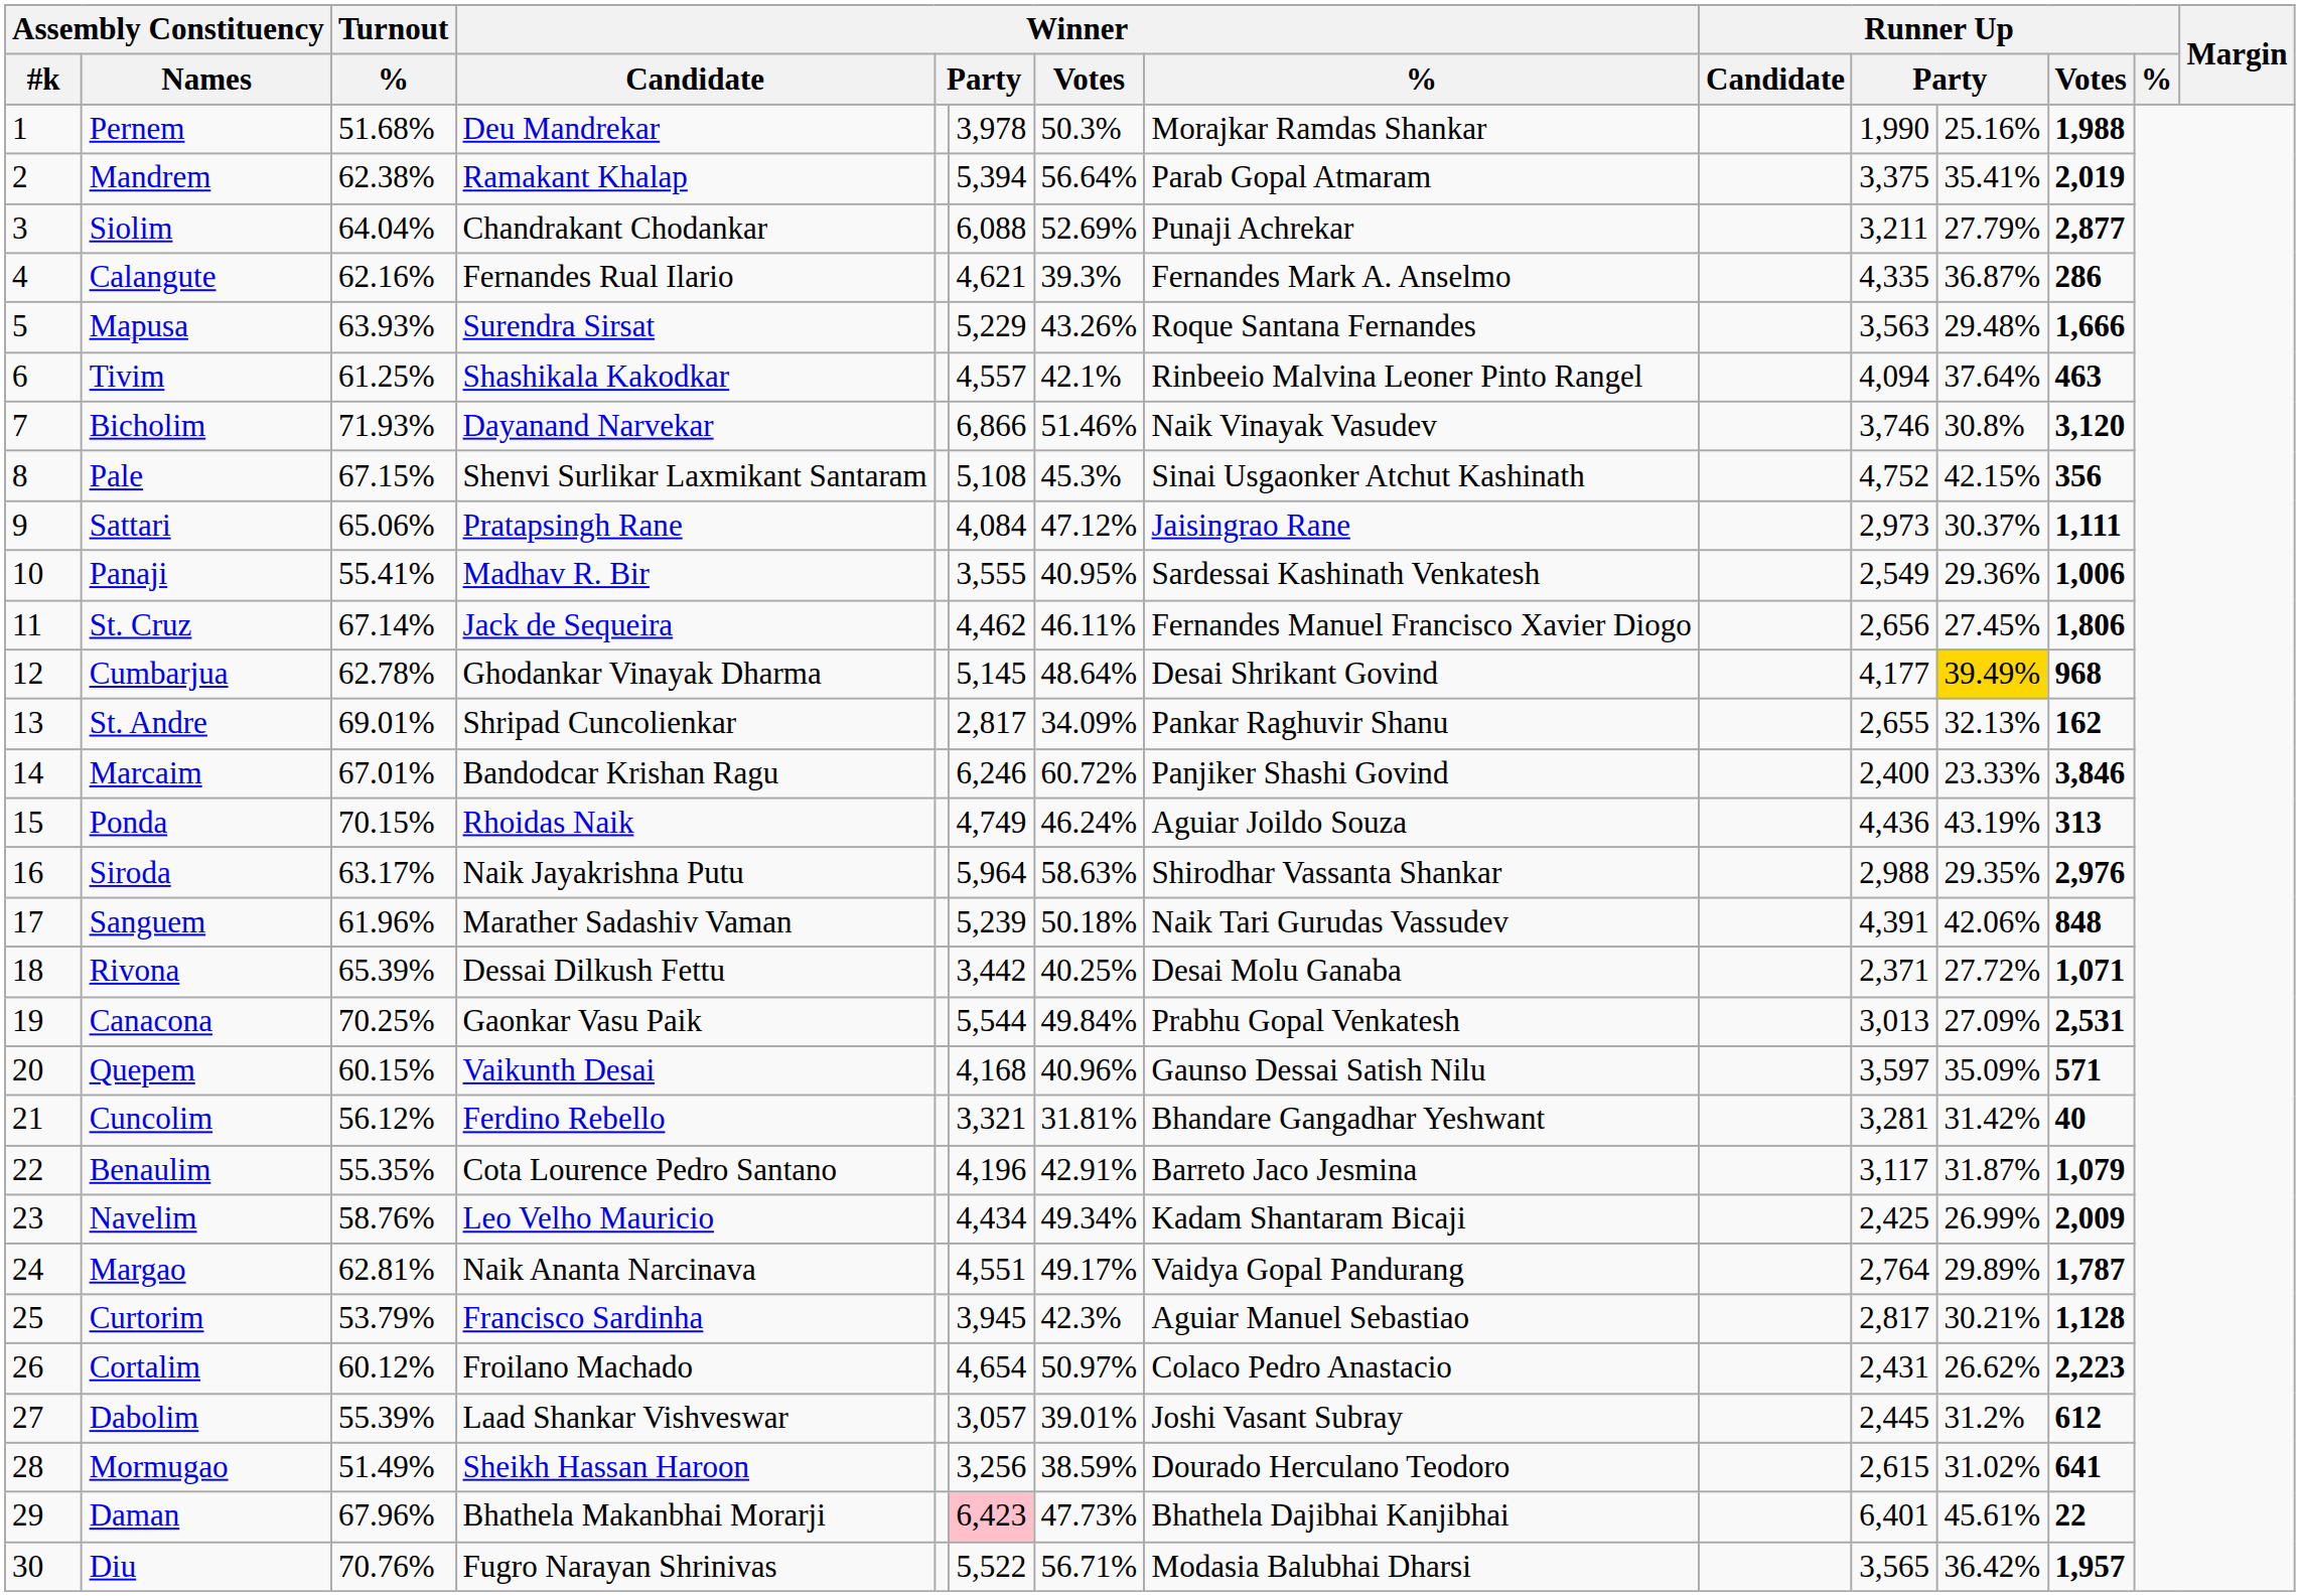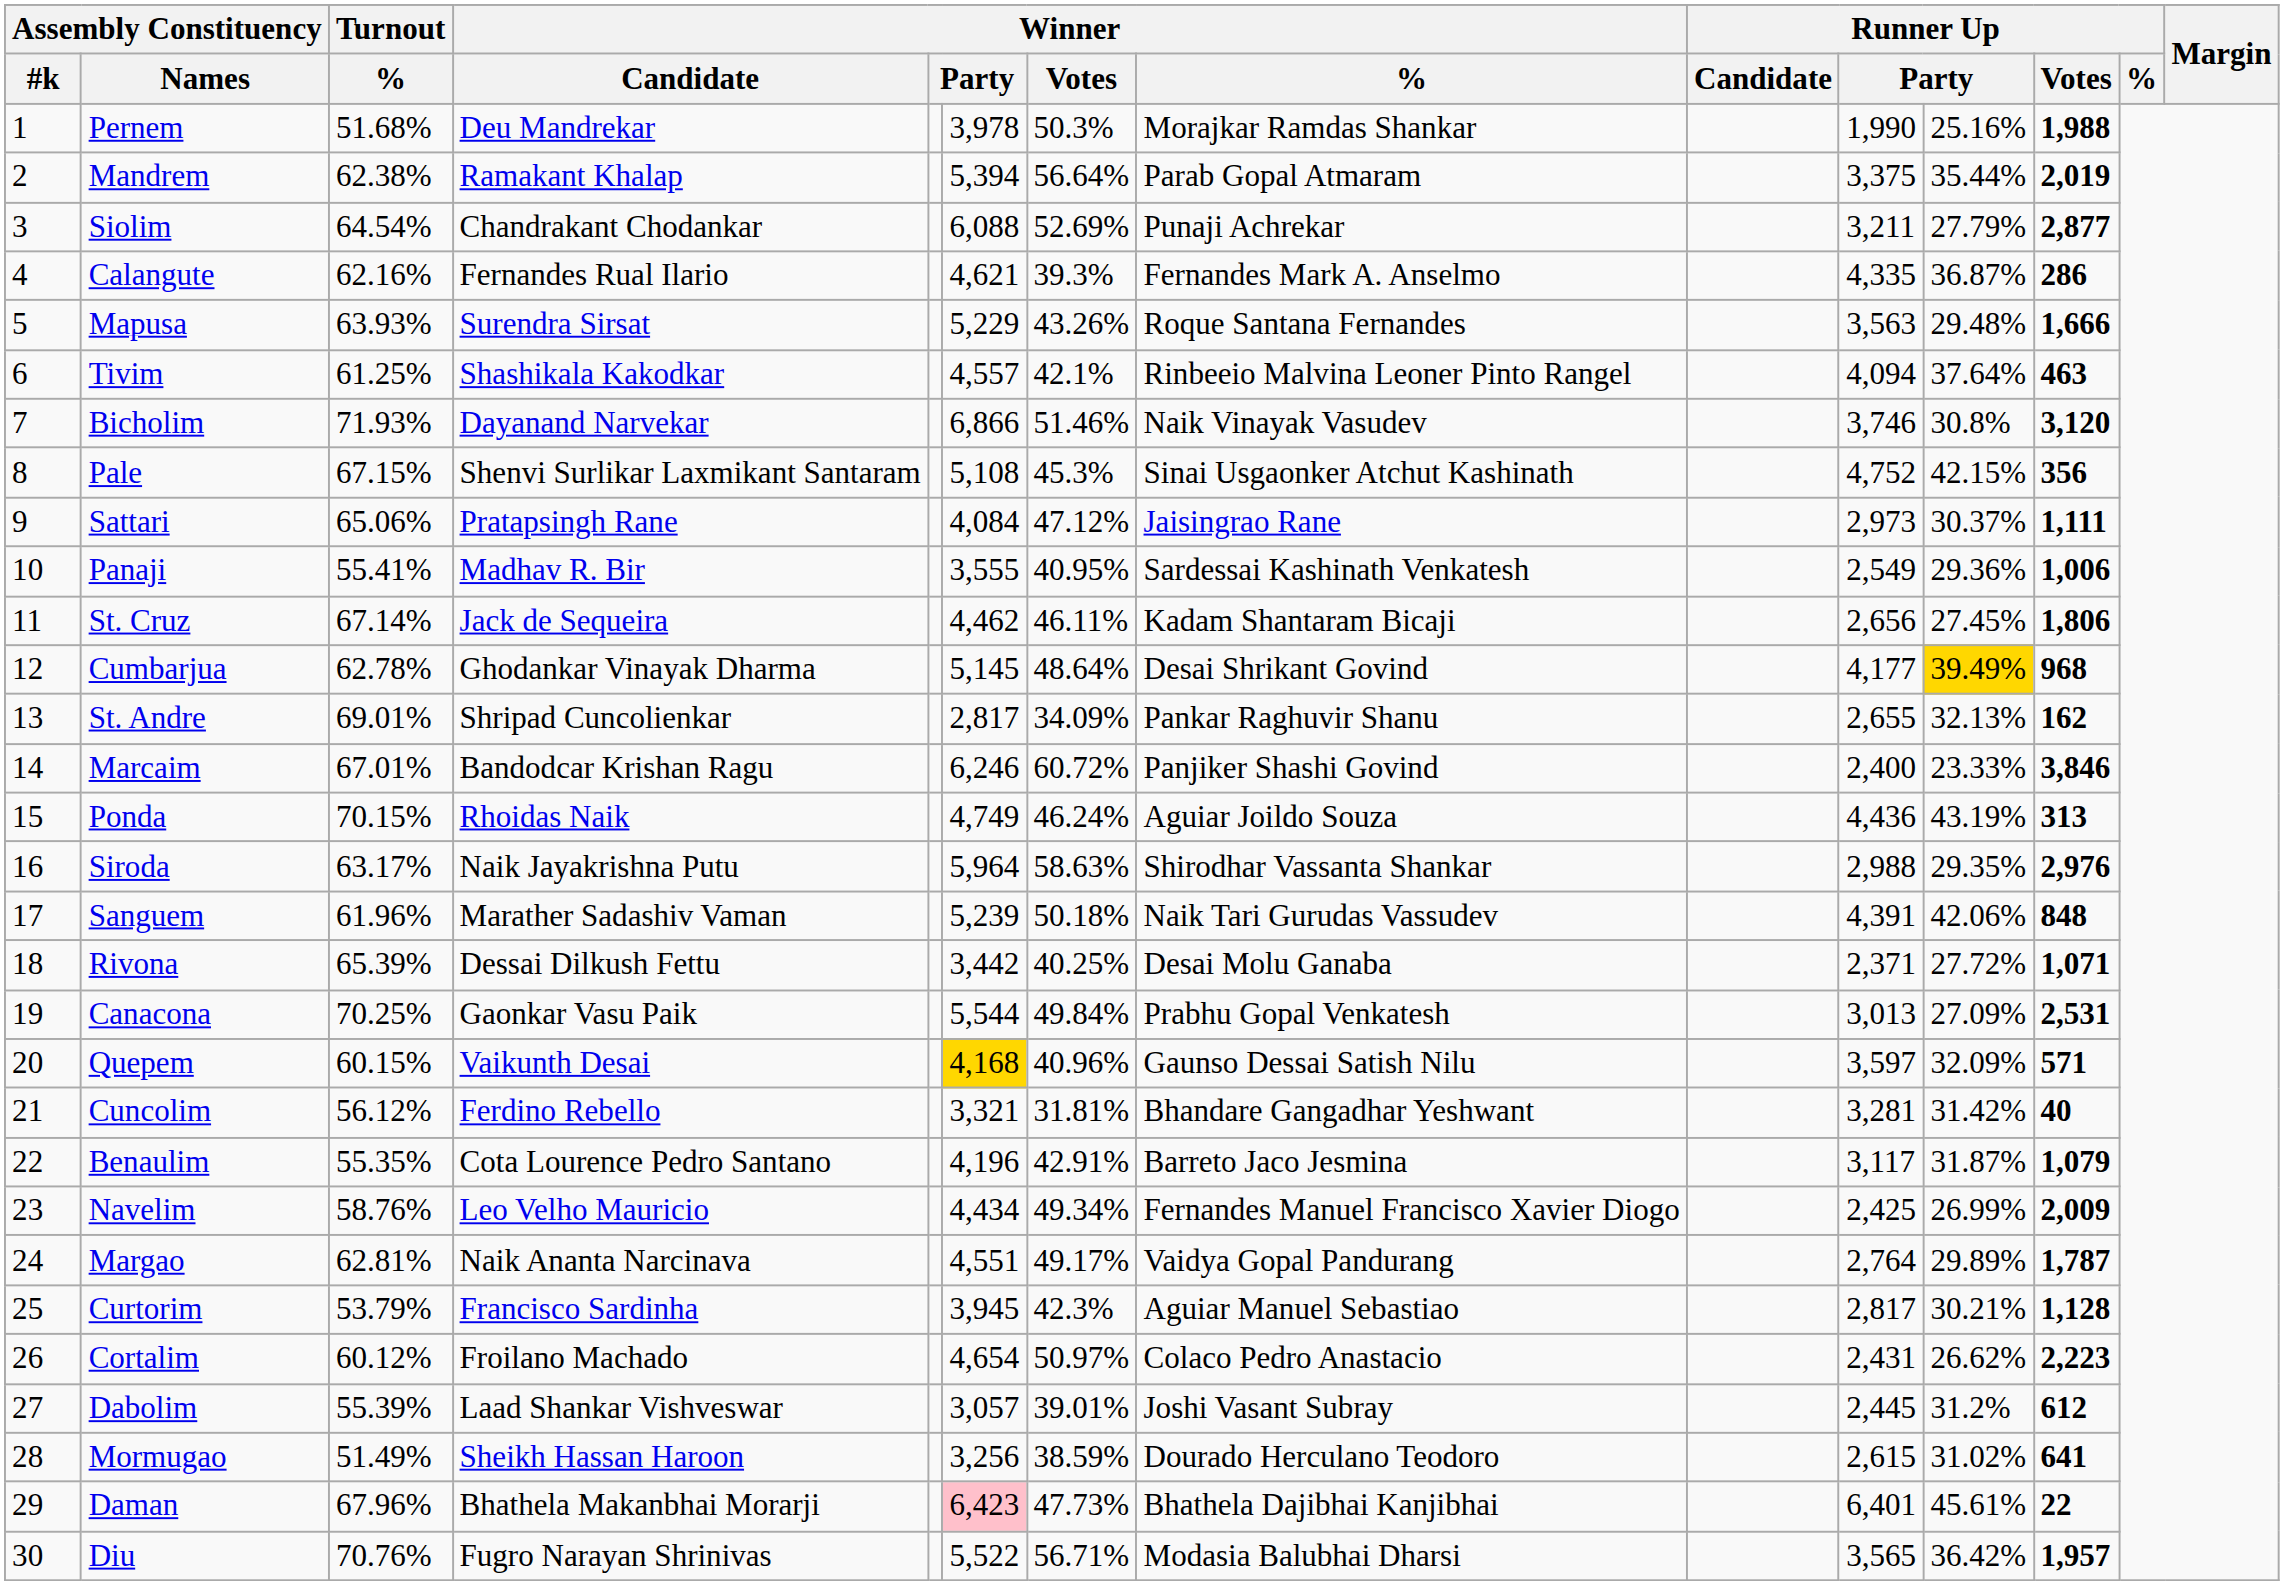 <table class="wikitable sortable">
 <tr>
 <th colspan="2">Assembly Constituency</th>
 <th>Turnout</th>
 <th colspan="5">Winner</th>
 <th colspan="5">Runner Up</th>
 <th rowspan="2" data-sort-type=number>Margin</th>
 </tr>
 <tr>
 <th>#k</th>
 <th>Names</th>
 <th>%</th>
 <th>Candidate</th>
 <th colspan="2">Party</th>
 <th data-sort-type=number>Votes</th>
 <th>%</th>
 <th>Candidate</th>
 <th colspan="2">Party</th>
 <th data-sort-type=number>Votes</th>
 <th>%</th>
 </tr>
 <tr>
 <td>1</td>
 <td><a href='#'>Pernem</a></td>
 <td>51.68%</td>
 <td><a href='#'>Deu Mandrekar</a></td>
 <td></td>
 <td>3,978</td>
 <td>50.3%</td>
 <td>Morajkar Ramdas Shankar</td>
 <td></td>
 <td>1,990</td>
 <td>25.16%</td>
 <td style="background:"><span><strong>1,988</strong></span></td>
 </tr>
 <tr>
 <td>2</td>
 <td><a href='#'>Mandrem</a></td>
 <td>62.38%</td>
 <td><a href='#'>Ramakant Khalap</a></td>
 <td></td>
 <td>5,394</td>
 <td>56.64%</td>
 <td>Parab Gopal Atmaram</td>
 <td></td>
 <td>3,375</td>
-<td>35.41%</td>
+<td>35.44%</td>
 <td style="background:"><span><strong>2,019</strong></span></td>
 </tr>
 <tr>
 <td>3</td>
 <td><a href='#'>Siolim</a></td>
-<td>64.04%</td>
+<td>64.54%</td>
 <td>Chandrakant Chodankar</td>
 <td></td>
 <td>6,088</td>
 <td>52.69%</td>
 <td>Punaji Achrekar</td>
 <td></td>
 <td>3,211</td>
 <td>27.79%</td>
 <td style="background:"><span><strong>2,877</strong></span></td>
 </tr>
 <tr>
 <td>4</td>
 <td><a href='#'>Calangute</a></td>
 <td>62.16%</td>
 <td>Fernandes Rual Ilario</td>
 <td></td>
 <td>4,621</td>
 <td>39.3%</td>
 <td>Fernandes Mark A. Anselmo</td>
 <td></td>
 <td>4,335</td>
 <td>36.87%</td>
 <td style="background:"><span><strong>286</strong></span></td>
 </tr>
 <tr>
 <td>5</td>
 <td><a href='#'>Mapusa</a></td>
 <td>63.93%</td>
 <td><a href='#'>Surendra Sirsat</a></td>
 <td></td>
 <td>5,229</td>
 <td>43.26%</td>
 <td>Roque Santana Fernandes</td>
 <td></td>
 <td>3,563</td>
 <td>29.48%</td>
 <td style="background:"><span><strong>1,666</strong></span></td>
 </tr>
 <tr>
 <td>6</td>
 <td><a href='#'>Tivim</a></td>
 <td>61.25%</td>
 <td><a href='#'>Shashikala Kakodkar</a></td>
 <td></td>
 <td>4,557</td>
 <td>42.1%</td>
 <td>Rinbeeio Malvina Leoner Pinto Rangel</td>
 <td></td>
 <td>4,094</td>
 <td>37.64%</td>
 <td style="background:"><span><strong>463</strong></span></td>
 </tr>
 <tr>
 <td>7</td>
 <td><a href='#'>Bicholim</a></td>
 <td>71.93%</td>
 <td><a href='#'>Dayanand Narvekar</a></td>
 <td></td>
 <td>6,866</td>
 <td>51.46%</td>
 <td>Naik Vinayak Vasudev</td>
 <td></td>
 <td>3,746</td>
 <td>30.8%</td>
 <td style="background:"><span><strong>3,120</strong></span></td>
 </tr>
 <tr>
 <td>8</td>
 <td><a href='#'>Pale</a></td>
 <td>67.15%</td>
 <td>Shenvi Surlikar Laxmikant Santaram</td>
 <td></td>
 <td>5,108</td>
 <td>45.3%</td>
 <td>Sinai Usgaonker Atchut Kashinath</td>
 <td></td>
 <td>4,752</td>
 <td>42.15%</td>
 <td style="background:"><span><strong>356</strong></span></td>
 </tr>
 <tr>
 <td>9</td>
 <td><a href='#'>Sattari</a></td>
 <td>65.06%</td>
 <td><a href='#'>Pratapsingh Rane</a></td>
 <td></td>
 <td>4,084</td>
 <td>47.12%</td>
 <td><a href='#'>Jaisingrao Rane</a></td>
 <td></td>
 <td>2,973</td>
 <td>30.37%</td>
 <td style="background:"><span><strong>1,111</strong></span></td>
 </tr>
 <tr>
 <td>10</td>
 <td><a href='#'>Panaji</a></td>
 <td>55.41%</td>
 <td><a href='#'>Madhav R. Bir</a></td>
 <td></td>
 <td>3,555</td>
 <td>40.95%</td>
 <td>Sardessai Kashinath Venkatesh</td>
 <td></td>
 <td>2,549</td>
 <td>29.36%</td>
 <td style="background:"><span><strong>1,006</strong></span></td>
 </tr>
 <tr>
 <td>11</td>
 <td><a href='#'>St. Cruz</a></td>
 <td>67.14%</td>
 <td><a href='#'>Jack de Sequeira</a></td>
 <td></td>
 <td>4,462</td>
 <td>46.11%</td>
-<td>Fernandes Manuel Francisco Xavier Diogo</td>
+<td>Kadam Shantaram Bicaji</td>
 <td></td>
 <td>2,656</td>
 <td>27.45%</td>
 <td style="background:"><span><strong>1,806</strong></span></td>
 </tr>
 <tr>
 <td>12</td>
 <td><a href='#'>Cumbarjua</a></td>
 <td>62.78%</td>
 <td>Ghodankar Vinayak Dharma</td>
 <td></td>
 <td>5,145</td>
 <td>48.64%</td>
 <td>Desai Shrikant Govind</td>
 <td></td>
 <td>4,177</td>
 <td style="background: gold;">39.49%</td>
 <td style="background:"><span><strong>968</strong></span></td>
 </tr>
 <tr>
 <td>13</td>
 <td><a href='#'>St. Andre</a></td>
 <td>69.01%</td>
 <td>Shripad Cuncolienkar</td>
 <td></td>
 <td>2,817</td>
 <td>34.09%</td>
 <td>Pankar Raghuvir Shanu</td>
 <td></td>
 <td>2,655</td>
 <td>32.13%</td>
 <td style="background:"><span><strong>162</strong></span></td>
 </tr>
 <tr>
 <td>14</td>
 <td><a href='#'>Marcaim</a></td>
 <td>67.01%</td>
 <td>Bandodcar Krishan Ragu</td>
 <td></td>
 <td>6,246</td>
 <td>60.72%</td>
 <td>Panjiker Shashi Govind</td>
 <td></td>
 <td>2,400</td>
 <td>23.33%</td>
 <td style="background:"><span><strong>3,846</strong></span></td>
 </tr>
 <tr>
 <td>15</td>
 <td><a href='#'>Ponda</a></td>
 <td>70.15%</td>
 <td><a href='#'>Rhoidas Naik</a></td>
 <td></td>
 <td>4,749</td>
 <td>46.24%</td>
 <td>Aguiar Joildo Souza</td>
 <td></td>
 <td>4,436</td>
 <td>43.19%</td>
 <td style="background:"><span><strong>313</strong></span></td>
 </tr>
 <tr>
 <td>16</td>
 <td><a href='#'>Siroda</a></td>
 <td>63.17%</td>
 <td>Naik Jayakrishna Putu</td>
 <td></td>
 <td>5,964</td>
 <td>58.63%</td>
 <td>Shirodhar Vassanta Shankar</td>
 <td></td>
 <td>2,988</td>
 <td>29.35%</td>
 <td style="background:"><span><strong>2,976</strong></span></td>
 </tr>
 <tr>
 <td>17</td>
 <td><a href='#'>Sanguem</a></td>
 <td>61.96%</td>
 <td>Marather Sadashiv Vaman</td>
 <td></td>
 <td>5,239</td>
 <td>50.18%</td>
 <td>Naik Tari Gurudas Vassudev</td>
 <td></td>
 <td>4,391</td>
 <td>42.06%</td>
 <td style="background:"><span><strong>848</strong></span></td>
 </tr>
 <tr>
 <td>18</td>
 <td><a href='#'>Rivona</a></td>
 <td>65.39%</td>
 <td>Dessai Dilkush Fettu</td>
 <td></td>
 <td>3,442</td>
 <td>40.25%</td>
 <td>Desai Molu Ganaba</td>
 <td></td>
 <td>2,371</td>
 <td>27.72%</td>
 <td style="background:"><span><strong>1,071</strong></span></td>
 </tr>
 <tr>
 <td>19</td>
 <td><a href='#'>Canacona</a></td>
 <td>70.25%</td>
 <td>Gaonkar Vasu Paik</td>
 <td></td>
 <td>5,544</td>
 <td>49.84%</td>
 <td>Prabhu Gopal Venkatesh</td>
 <td></td>
 <td>3,013</td>
 <td>27.09%</td>
 <td style="background:"><span><strong>2,531</strong></span></td>
 </tr>
 <tr>
 <td>20</td>
 <td><a href='#'>Quepem</a></td>
 <td>60.15%</td>
 <td><a href='#'>Vaikunth Desai</a></td>
 <td></td>
-<td>4,168</td>
+<td style="background: gold;">4,168</td>
 <td>40.96%</td>
 <td>Gaunso Dessai Satish Nilu</td>
 <td></td>
 <td>3,597</td>
-<td>35.09%</td>
+<td>32.09%</td>
 <td style="background:"><span><strong>571</strong></span></td>
 </tr>
 <tr>
 <td>21</td>
 <td><a href='#'>Cuncolim</a></td>
 <td>56.12%</td>
 <td><a href='#'>Ferdino Rebello</a></td>
 <td></td>
 <td>3,321</td>
 <td>31.81%</td>
 <td>Bhandare Gangadhar Yeshwant</td>
 <td></td>
 <td>3,281</td>
 <td>31.42%</td>
 <td style="background:"><span><strong>40</strong></span></td>
 </tr>
 <tr>
 <td>22</td>
 <td><a href='#'>Benaulim</a></td>
 <td>55.35%</td>
 <td>Cota Lourence Pedro Santano</td>
 <td></td>
 <td>4,196</td>
 <td>42.91%</td>
 <td>Barreto Jaco Jesmina</td>
 <td></td>
 <td>3,117</td>
 <td>31.87%</td>
 <td style="background:"><span><strong>1,079</strong></span></td>
 </tr>
 <tr>
 <td>23</td>
 <td><a href='#'>Navelim</a></td>
 <td>58.76%</td>
 <td><a href='#'>Leo Velho Mauricio</a></td>
 <td></td>
 <td>4,434</td>
 <td>49.34%</td>
-<td>Kadam Shantaram Bicaji</td>
+<td>Fernandes Manuel Francisco Xavier Diogo</td>
 <td></td>
 <td>2,425</td>
 <td>26.99%</td>
 <td style="background:"><span><strong>2,009</strong></span></td>
 </tr>
 <tr>
 <td>24</td>
 <td><a href='#'>Margao</a></td>
 <td>62.81%</td>
 <td>Naik Ananta Narcinava</td>
 <td></td>
 <td>4,551</td>
 <td>49.17%</td>
 <td>Vaidya Gopal Pandurang</td>
 <td></td>
 <td>2,764</td>
 <td>29.89%</td>
 <td style="background:"><span><strong>1,787</strong></span></td>
 </tr>
 <tr>
 <td>25</td>
 <td><a href='#'>Curtorim</a></td>
 <td>53.79%</td>
 <td><a href='#'>Francisco Sardinha</a></td>
 <td></td>
 <td>3,945</td>
 <td>42.3%</td>
 <td>Aguiar Manuel Sebastiao</td>
 <td></td>
 <td>2,817</td>
 <td>30.21%</td>
 <td style="background:"><span><strong>1,128</strong></span></td>
 </tr>
 <tr>
 <td>26</td>
 <td><a href='#'>Cortalim</a></td>
 <td>60.12%</td>
 <td>Froilano Machado</td>
 <td></td>
 <td>4,654</td>
 <td>50.97%</td>
 <td>Colaco Pedro Anastacio</td>
 <td></td>
 <td>2,431</td>
 <td>26.62%</td>
 <td style="background:"><span><strong>2,223</strong></span></td>
 </tr>
 <tr>
 <td>27</td>
 <td><a href='#'>Dabolim</a></td>
 <td>55.39%</td>
 <td>Laad Shankar Vishveswar</td>
 <td></td>
 <td>3,057</td>
 <td>39.01%</td>
 <td>Joshi Vasant Subray</td>
 <td></td>
 <td>2,445</td>
 <td>31.2%</td>
 <td style="background:"><span><strong>612</strong></span></td>
 </tr>
 <tr>
 <td>28</td>
 <td><a href='#'>Mormugao</a></td>
 <td>51.49%</td>
 <td><a href='#'>Sheikh Hassan Haroon</a></td>
 <td></td>
 <td>3,256</td>
 <td>38.59%</td>
 <td>Dourado Herculano Teodoro</td>
 <td></td>
 <td>2,615</td>
 <td>31.02%</td>
 <td style="background:"><span><strong>641</strong></span></td>
 </tr>
 <tr>
 <td>29</td>
 <td><a href='#'>Daman</a></td>
 <td>67.96%</td>
 <td>Bhathela Makanbhai Morarji</td>
 <td></td>
 <td style="background: pink;">6,423</td>
 <td>47.73%</td>
 <td>Bhathela Dajibhai Kanjibhai</td>
 <td></td>
 <td>6,401</td>
 <td>45.61%</td>
 <td style="background:"><span><strong>22</strong></span></td>
 </tr>
 <tr>
 <td>30</td>
 <td><a href='#'>Diu</a></td>
 <td>70.76%</td>
 <td>Fugro Narayan Shrinivas</td>
 <td></td>
 <td>5,522</td>
 <td>56.71%</td>
 <td>Modasia Balubhai Dharsi</td>
 <td></td>
 <td>3,565</td>
 <td>36.42%</td>
 <td style="background:"><span><strong>1,957</strong></span></td>
 </tr>
 </table>
